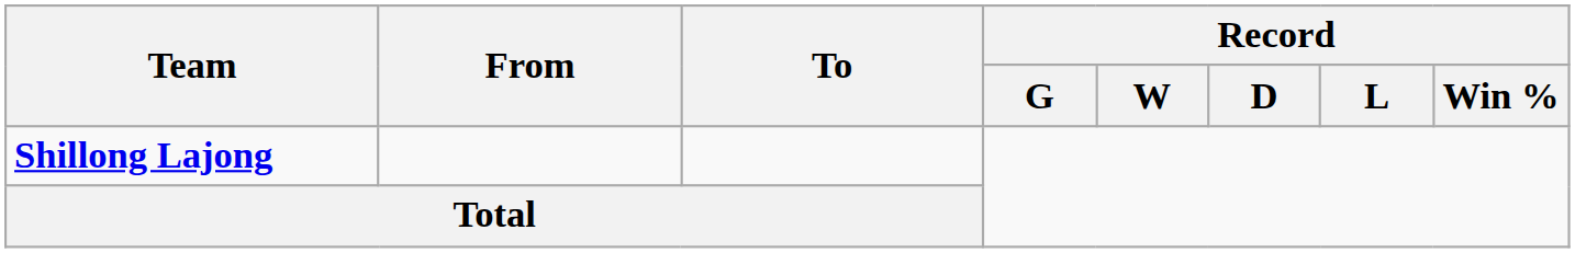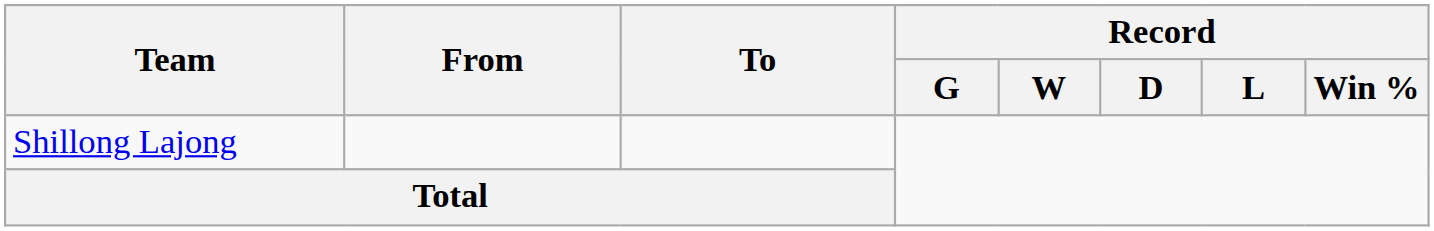 <table class="wikitable" style="text-align: center">
 <tr>
 <th rowspan=2! width=150>Team</th>
 <th rowspan=2! width=120>From</th>
 <th rowspan=2! width=120>To</th>
 <th colspan=7>Record</th>
 </tr>
 <tr>
 <th width=40>G</th>
 <th width=40>W</th>
 <th width=40>D</th>
 <th width=40>L</th>
 <th width=50>Win %</th>
 </tr>
 <tr>
-<td align=left><strong> <a href='#'>Shillong Lajong</a></strong></td>
+<td align=left> <a href='#'>Shillong Lajong</a></td>
 <td align=left></td>
 <td align=left><br></td>
 </tr>
 <tr>
 <th colspan="3">Total<br></th>
 </tr>
 </table>
